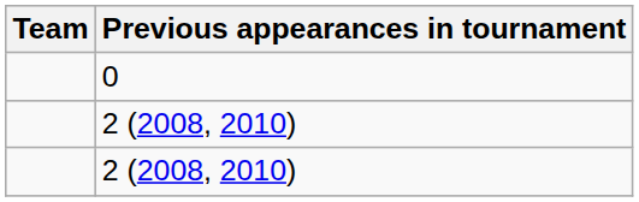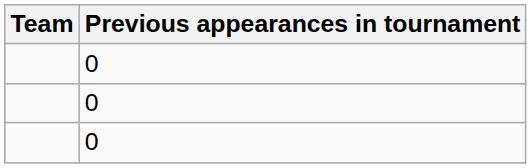 <table class="wikitable sortable" style="text-align: left;">
 <tr>
 <th>Team</th>
 <th>Previous appearances in tournament</th>
 </tr>
 <tr>
 <td></td>
 <td>0</td>
 </tr>
 <tr>
 <td></td>
-<td>2 (<a href='#'>2008</a>, <a href='#'>2010</a>)</td>
+<td>0</td>
 </tr>
 <tr>
 <td></td>
-<td>2 (<a href='#'>2008</a>, <a href='#'>2010</a>)</td>
+<td>0</td>
 </tr>
 </table>
